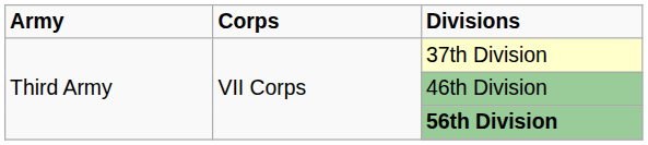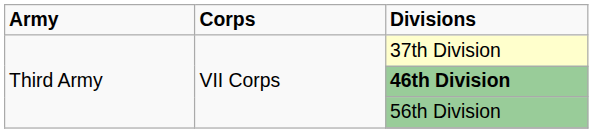 <table class="wikitable">
 <tr>
 <td width="150pt"><strong>Army</strong></td>
 <td width="150pt"><strong>Corps</strong></td>
 <td width="160pt"><strong>Divisions</strong></td>
 </tr>
 <tr>
 <td rowspan="25">Third Army</td>
 <td rowspan="6">VII Corps</td>
 <td style="background:#FFFFCC;">37th Division</td>
 </tr>
 <tr>
-<td style="background:#99CC99;">46th Division</td>
+<td style="background:#99CC99;"><strong>46th Division</strong></td>
 </tr>
 <tr>
-<td style="background:#99CC99;"><strong>56th Division</strong></td>
+<td style="background:#99CC99;">56th Division</td>
 </tr>
 <tr>
 </tr>
 </table>
